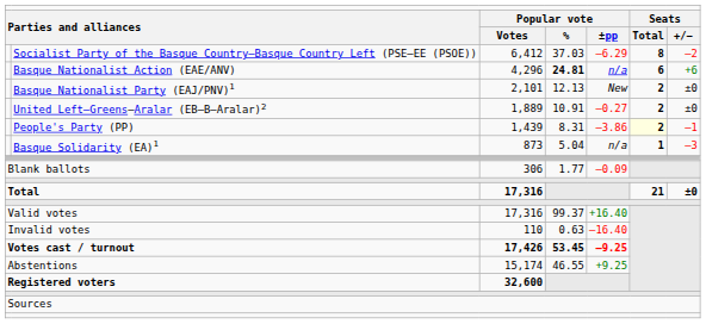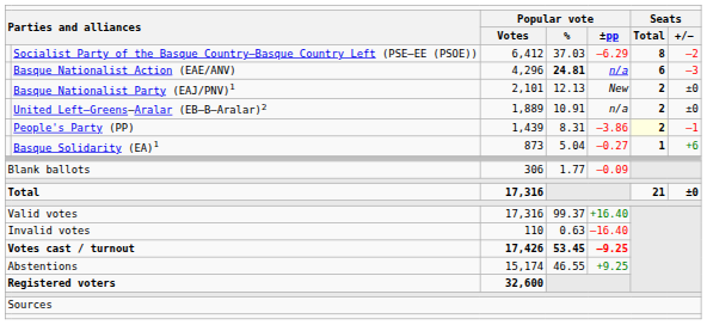 <table class="wikitable" style="text-align:right;">
 <tr>
 <td colspan="7"></td>
 </tr>
 <tr>
 <th style="text-align:left;" rowspan="2" colspan="2" width="525">Parties and alliances</th>
 <th colspan="3">Popular vote</th>
 <th colspan="2">Seats</th>
 </tr>
 <tr>
 <th width="75">Votes</th>
 <th width="45">%</th>
 <th width="45">±<a href='#'>pp</a></th>
 <th width="35">Total</th>
 <th width="35">+/−</th>
 </tr>
 <tr>
 <td width="1" style="color:inherit;background:"></td>
 <td align="left"><a href='#'>Socialist Party of the Basque Country–Basque Country Left</a> (PSE–EE (PSOE))</td>
 <td>6,412</td>
 <td>37.03</td>
 <td style="color:red;">–6.29</td>
 <td><strong>8</strong></td>
 <td style="color:red;">–2</td>
 </tr>
 <tr>
 <td style="color:inherit;background:"></td>
 <td align="left"><a href='#'>Basque Nationalist Action</a> (EAE/ANV)</td>
 <td>4,296</td>
 <td><strong>24.81</strong></td>
 <td><em><a href='#'>n/a</a></em></td>
 <td><strong>6</strong></td>
-<td style="color:green;">+6</td>
+<td style="color:red;">–3</td>
 </tr>
 <tr>
 <td style="color:inherit;background:"></td>
 <td align="left"><a href='#'>Basque Nationalist Party</a> (EAJ/PNV)<sup>1</sup></td>
 <td>2,101</td>
 <td>12.13</td>
 <td><em>New</em></td>
 <td><strong>2</strong></td>
 <td>±0</td>
 </tr>
 <tr>
 <td style="color:inherit;background:"></td>
 <td align="left"><a href='#'>United Left–Greens</a>–<a href='#'>Aralar</a> (EB–B–Aralar)<sup>2</sup></td>
 <td>1,889</td>
 <td>10.91</td>
-<td style="color:red;">–0.27</td>
+<td><em>n/a</em></td>
 <td><strong>2</strong></td>
 <td>±0</td>
 </tr>
 <tr>
 <td style="color:inherit;background:"></td>
 <td align="left"><a href='#'>People's Party</a> (PP)</td>
 <td>1,439</td>
 <td>8.31</td>
 <td style="color:red;">–3.86</td>
 <td style="background: lightyellow;"><strong>2</strong></td>
 <td style="color:red;">–1</td>
 </tr>
 <tr>
 <td style="color:inherit;background:"></td>
 <td align="left"><a href='#'>Basque Solidarity</a> (EA)<sup>1</sup></td>
 <td>873</td>
 <td>5.04</td>
-<td><em>n/a</em></td>
+<td style="color:red;">–0.27</td>
 <td><strong>1</strong></td>
-<td style="color:red;">–3</td>
+<td style="color:green;">+6</td>
 </tr>
 <tr>
 <td colspan="7" bgcolor="#C0C0C0"></td>
 </tr>
 <tr>
 <td align="left" colspan="2">Blank ballots</td>
 <td>306</td>
 <td>1.77</td>
 <td style="color:red;">–0.09</td>
 <td bgcolor="#E9E9E9" colspan="2"></td>
 </tr>
 <tr>
 <td colspan="7" bgcolor="#E9E9E9"></td>
 </tr>
 <tr style="font-weight:bold;">
 <td align="left" colspan="2">Total</td>
 <td>17,316</td>
 <td bgcolor="#E9E9E9" colspan="2"></td>
 <td>21</td>
 <td>±0</td>
 </tr>
 <tr>
 <td colspan="7" bgcolor="#E9E9E9"></td>
 </tr>
 <tr>
 <td align="left" colspan="2">Valid votes</td>
 <td>17,316</td>
 <td>99.37</td>
 <td style="color:green;">+16.40</td>
 <td bgcolor="#E9E9E9" colspan="2" rowspan="5"></td>
 </tr>
 <tr>
 <td align="left" colspan="2">Invalid votes</td>
 <td>110</td>
 <td>0.63</td>
 <td style="color:red;">–16.40</td>
 </tr>
 <tr style="font-weight:bold;">
 <td align="left" colspan="2">Votes cast / turnout</td>
 <td>17,426</td>
 <td>53.45</td>
 <td style="color:red;">–9.25</td>
 </tr>
 <tr>
 <td align="left" colspan="2">Abstentions</td>
 <td>15,174</td>
 <td>46.55</td>
 <td style="color:green;">+9.25</td>
 </tr>
 <tr style="font-weight:bold;">
 <td align="left" colspan="2">Registered voters</td>
 <td>32,600</td>
 <td bgcolor="#E9E9E9" colspan="2"></td>
 </tr>
 <tr>
 <td colspan="7" bgcolor="#E9E9E9"></td>
 </tr>
 <tr>
 <td align="left" colspan="7">Sources</td>
 </tr>
 <tr>
 <td colspan="7" style="text-align:left; max-width:790px;"></td>
 </tr>
 </table>
